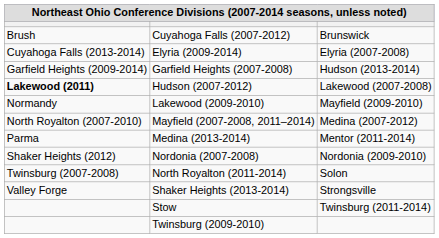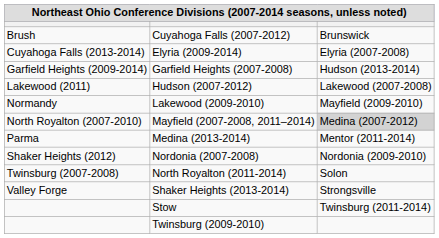 <table class="wikitable">
 <tr style="background:#ccf;">
 <th colspan="4" style="background:#ddd;">Northeast Ohio Conference Divisions (2007-2014 seasons, unless noted)</th>
 </tr>
 <tr>
 <th></th>
 <th></th>
 <th></th>
 </tr>
 <tr>
 <td>Brush</td>
 <td>Cuyahoga Falls (2007-2012)</td>
 <td>Brunswick</td>
 </tr>
 <tr>
 <td>Cuyahoga Falls (2013-2014)</td>
 <td>Elyria (2009-2014)</td>
 <td>Elyria (2007-2008)</td>
 </tr>
 <tr>
 <td>Garfield Heights (2009-2014)</td>
 <td>Garfield Heights (2007-2008)</td>
 <td>Hudson (2013-2014)</td>
 </tr>
 <tr>
-<td><strong>Lakewood (2011)</strong></td>
+<td>Lakewood (2011)</td>
 <td>Hudson (2007-2012)</td>
 <td>Lakewood (2007-2008)</td>
 </tr>
 <tr>
 <td>Normandy</td>
 <td>Lakewood (2009-2010)</td>
 <td>Mayfield (2009-2010)</td>
 </tr>
 <tr>
 <td>North Royalton (2007-2010)</td>
 <td>Mayfield (2007-2008, 2011–2014)</td>
-<td>Medina (2007-2012)</td>
+<td style="background: lightgrey;">Medina (2007-2012)</td>
 </tr>
 <tr>
 <td>Parma</td>
 <td>Medina (2013-2014)</td>
 <td>Mentor (2011-2014)</td>
 </tr>
 <tr>
 <td>Shaker Heights (2012)</td>
 <td>Nordonia (2007-2008)</td>
 <td>Nordonia (2009-2010)</td>
 </tr>
 <tr>
 <td>Twinsburg (2007-2008)</td>
 <td>North Royalton (2011-2014)</td>
 <td>Solon</td>
 </tr>
 <tr>
 <td>Valley Forge</td>
 <td>Shaker Heights (2013-2014)</td>
 <td>Strongsville</td>
 </tr>
 <tr>
 <td></td>
 <td>Stow</td>
 <td>Twinsburg (2011-2014)</td>
 </tr>
 <tr>
 <td></td>
 <td>Twinsburg (2009-2010)</td>
 <td></td>
 </tr>
 </table>
